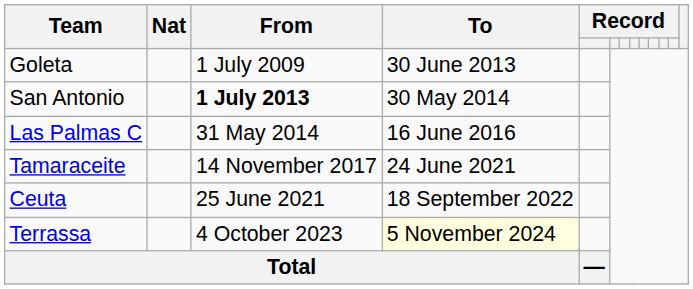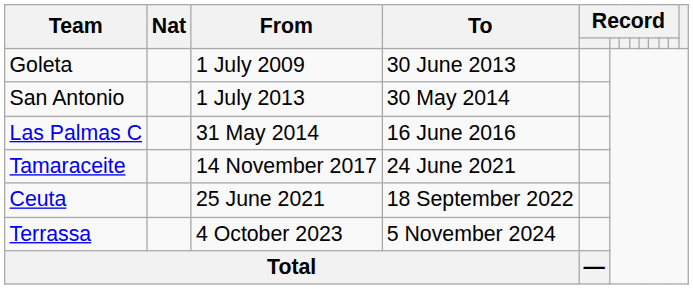 <table class="wikitable" style="text-align: center">
 <tr>
 <th rowspan="2">Team</th>
 <th rowspan="2">Nat</th>
 <th rowspan="2">From</th>
 <th rowspan="2">To</th>
 <th colspan="8">Record</th>
 <th rowspan=2></th>
 </tr>
 <tr>
 <th></th>
 <th></th>
 <th></th>
 <th></th>
 <th></th>
 <th></th>
 <th></th>
 <th></th>
 </tr>
 <tr>
 <td align=left>Goleta</td>
 <td></td>
 <td align=left>1 July 2009</td>
 <td align=left>30 June 2013<br></td>
 <td></td>
 </tr>
 <tr>
 <td align=left>San Antonio</td>
 <td></td>
-<td align=left><strong>1 July 2013</strong></td>
+<td align=left>1 July 2013</td>
 <td align=left>30 May 2014<br></td>
 <td></td>
 </tr>
 <tr>
 <td align=left><a href='#'>Las Palmas C</a></td>
 <td></td>
 <td align=left>31 May 2014</td>
 <td align=left>16 June 2016<br></td>
 <td></td>
 </tr>
 <tr>
 <td align=left><a href='#'>Tamaraceite</a></td>
 <td></td>
 <td align=left>14 November 2017</td>
 <td align=left>24 June 2021<br></td>
 <td></td>
 </tr>
 <tr>
 <td align=left><a href='#'>Ceuta</a></td>
 <td></td>
 <td align=left>25 June 2021</td>
 <td align=left>18 September 2022<br></td>
 <td></td>
 </tr>
 <tr>
 <td align=left><a href='#'>Terrassa</a></td>
 <td></td>
 <td align=left>4 October 2023</td>
-<td align=left style="background: lightyellow;">5 November 2024<br></td>
+<td align=left>5 November 2024<br></td>
 <td></td>
 </tr>
 <tr>
 <th colspan="4">Total<br></th>
 <th>—</th>
 </tr>
 </table>
